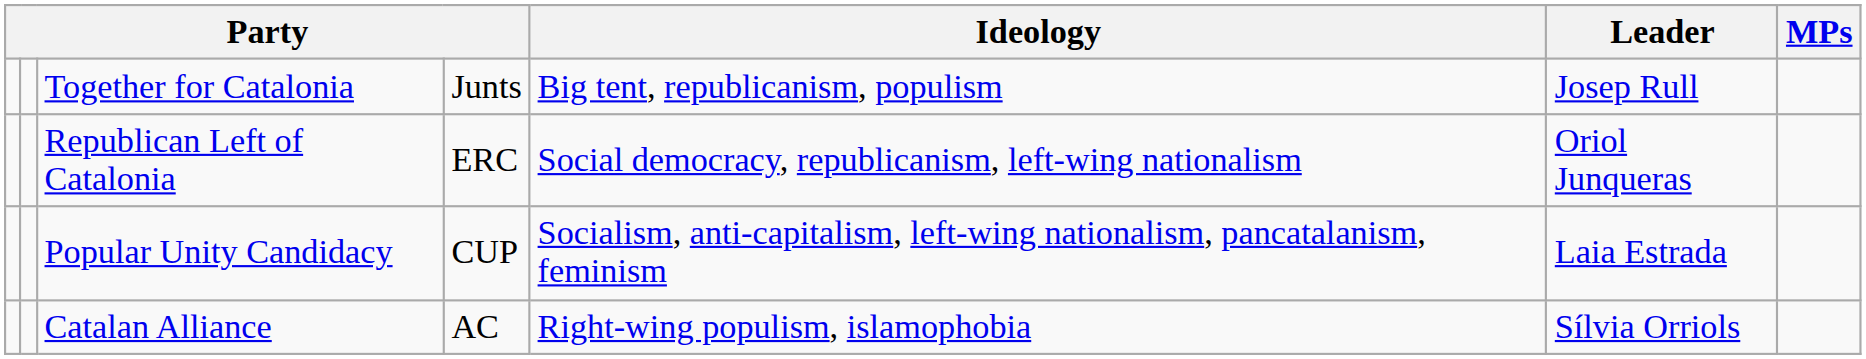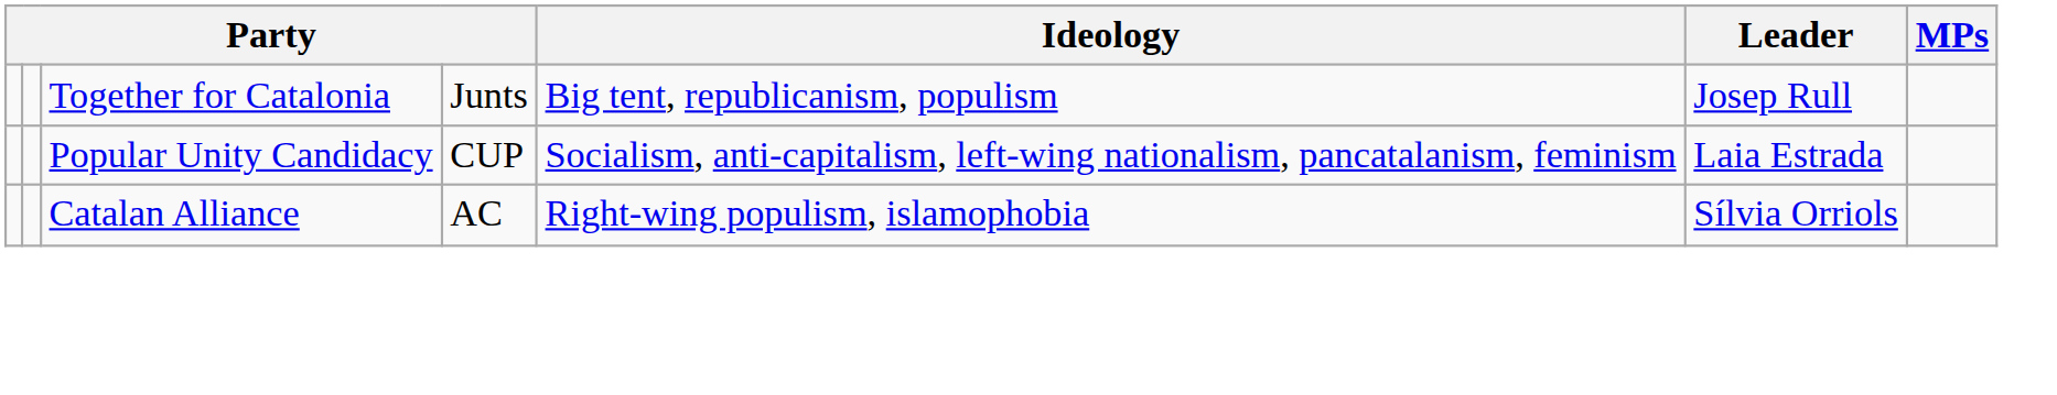 <table class="wikitable">
 <tr>
 <th colspan="4">Party</th>
 <th>Ideology</th>
 <th>Leader</th>
 <th><a href='#'>MPs</a></th>
 </tr>
 <tr>
 <td></td>
 <td align="center"></td>
 <td><a href='#'>Together for Catalonia</a><br></td>
 <td>Junts</td>
 <td><a href='#'>Big tent</a>, <a href='#'>republicanism</a>, <a href='#'>populism</a></td>
 <td><a href='#'>Josep Rull</a></td>
-<td></td>
-</tr>
-<tr>
-<td></td>
-<td align="center"></td>
-<td><a href='#'>Republican Left of Catalonia</a><br></td>
-<td>ERC</td>
-<td><a href='#'>Social democracy</a>, <a href='#'>republicanism</a>,  <a href='#'>left-wing nationalism</a></td>
-<td><a href='#'>Oriol Junqueras</a></td>
 <td></td>
 </tr>
 <tr>
 <td></td>
 <td align="center"></td>
 <td><a href='#'>Popular Unity Candidacy</a><br></td>
 <td>CUP</td>
 <td><a href='#'>Socialism</a>, <a href='#'>anti-capitalism</a>, <a href='#'>left-wing nationalism</a>, <a href='#'>pancatalanism</a>, <a href='#'>feminism</a></td>
 <td><a href='#'>Laia Estrada</a></td>
 <td></td>
 </tr>
 <tr>
 <td></td>
 <td align="center"></td>
 <td><a href='#'>Catalan Alliance</a><br></td>
 <td>AC</td>
 <td><a href='#'>Right-wing populism</a>, <a href='#'>islamophobia</a></td>
 <td><a href='#'>Sílvia Orriols</a></td>
 <td></td>
 </tr>
 </table>
